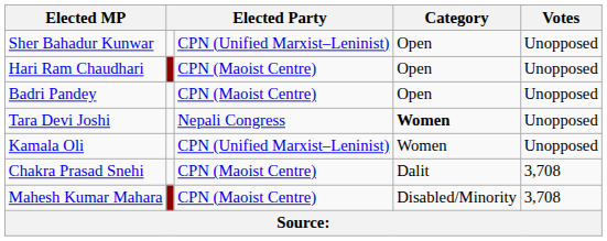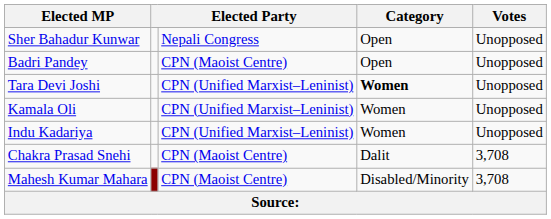 <table class="wikitable sortable">
 <tr>
 <th>Elected MP</th>
 <th colspan="2">Elected Party</th>
 <th>Category</th>
 <th>Votes</th>
 </tr>
 <tr>
 <td><a href='#'>Sher Bahadur Kunwar</a></td>
 <td></td>
-<td><a href='#'>CPN (Unified Marxist–Leninist)</a></td>
-<td>Open</td>
-<td>Unopposed</td>
-</tr>
-<tr>
-<td><a href='#'>Hari Ram Chaudhari</a></td>
-<td bgcolor="8B0000"></td>
-<td><a href='#'>CPN (Maoist Centre)</a></td>
+<td><a href='#'>Nepali Congress</a></td>
 <td>Open</td>
 <td>Unopposed</td>
 </tr>
 <tr>
 <td><a href='#'>Badri Pandey</a></td>
 <td></td>
 <td><a href='#'>CPN (Maoist Centre)</a></td>
 <td>Open</td>
 <td>Unopposed</td>
 </tr>
 <tr>
 <td><a href='#'>Tara Devi Joshi</a></td>
 <td></td>
-<td><a href='#'>Nepali Congress</a></td>
+<td><a href='#'>CPN (Unified Marxist–Leninist)</a></td>
 <td><strong>Women</strong></td>
 <td>Unopposed</td>
 </tr>
 <tr>
 <td><a href='#'>Kamala Oli</a></td>
+<td></td>
+<td><a href='#'>CPN (Unified Marxist–Leninist)</a></td>
+<td>Women</td>
+<td>Unopposed</td>
+</tr>
+<tr>
+<td><a href='#'>Indu Kadariya</a></td>
 <td></td>
 <td><a href='#'>CPN (Unified Marxist–Leninist)</a></td>
 <td>Women</td>
 <td>Unopposed</td>
 </tr>
 <tr>
 <td><a href='#'>Chakra Prasad Snehi</a></td>
 <td></td>
 <td><a href='#'>CPN (Maoist Centre)</a></td>
 <td>Dalit</td>
 <td>3,708</td>
 </tr>
 <tr>
 <td><a href='#'>Mahesh Kumar Mahara</a></td>
 <td bgcolor="8B0000"></td>
 <td><a href='#'>CPN (Maoist Centre)</a></td>
 <td>Disabled/Minority</td>
 <td>3,708</td>
 </tr>
 <tr>
 <th colspan="5">Source: </th>
 </tr>
 </table>
